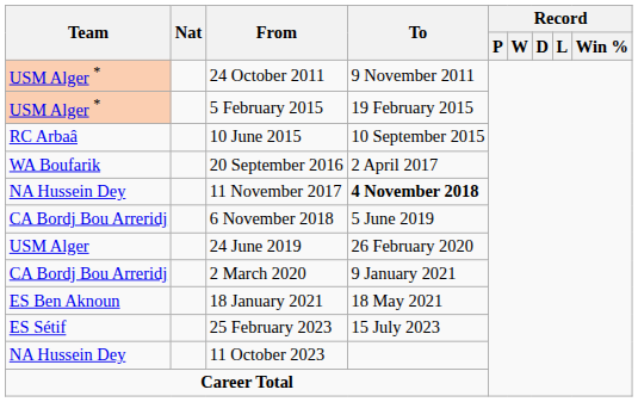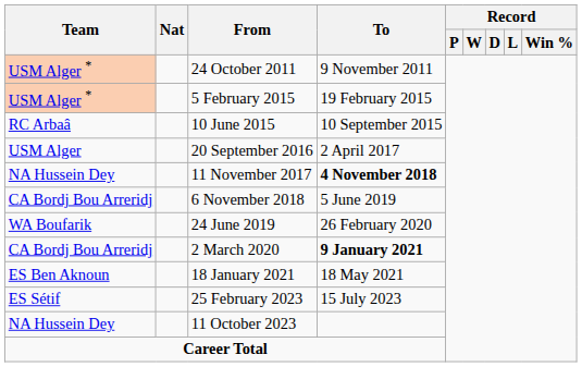 <table class="wikitable" style="text-align: center">
 <tr>
 <th rowspan="2">Team</th>
 <th rowspan="2">Nat</th>
 <th rowspan="2">From</th>
 <th rowspan="2">To</th>
 <th colspan="5">Record</th>
 </tr>
 <tr>
 <th>P</th>
 <th>W</th>
 <th>D</th>
 <th>L</th>
 <th>Win %</th>
 </tr>
 <tr>
 <td align="left" scope=row style=background:#FBCEB1><a href='#'>USM Alger</a> <sup>*</sup></td>
 <td></td>
 <td align=left>24 October 2011</td>
 <td align=left>9 November 2011<br></td>
 </tr>
 <tr>
 <td align="left" scope=row style=background:#FBCEB1><a href='#'>USM Alger</a> <sup>*</sup></td>
 <td></td>
 <td align=left>5 February 2015</td>
 <td align=left>19 February 2015<br></td>
 </tr>
 <tr>
 <td align="left"><a href='#'>RC Arbaâ</a></td>
 <td></td>
 <td align=left>10 June 2015</td>
 <td align=left>10 September 2015<br></td>
 </tr>
 <tr>
-<td align="left"><a href='#'>WA Boufarik</a></td>
+<td align="left"><a href='#'>USM Alger</a></td>
 <td></td>
 <td align=left>20 September 2016</td>
 <td align=left>2 April 2017<br></td>
 </tr>
 <tr>
 <td align="left"><a href='#'>NA Hussein Dey</a></td>
 <td></td>
 <td align=left>11 November 2017</td>
 <td align=left><strong>4 November 2018<br></strong></td>
 </tr>
 <tr>
 <td align="left"><a href='#'>CA Bordj Bou Arreridj</a></td>
 <td></td>
 <td align=left>6 November 2018</td>
 <td align=left>5 June 2019<br></td>
 </tr>
 <tr>
-<td align="left"><a href='#'>USM Alger</a></td>
+<td align="left"><a href='#'>WA Boufarik</a></td>
 <td></td>
 <td align=left>24 June 2019</td>
 <td align=left>26 February 2020<br></td>
 </tr>
 <tr>
 <td align="left"><a href='#'>CA Bordj Bou Arreridj</a></td>
 <td></td>
 <td align=left>2 March 2020</td>
-<td align=left>9 January 2021<br></td>
+<td align=left><strong>9 January 2021<br></strong></td>
 </tr>
 <tr>
 <td align="left"><a href='#'>ES Ben Aknoun</a></td>
 <td></td>
 <td align=left>18 January 2021</td>
 <td align=left>18 May 2021<br></td>
 </tr>
 <tr>
 <td align="left"><a href='#'>ES Sétif</a></td>
 <td></td>
 <td align=left>25 February 2023</td>
 <td align=left>15 July 2023<br></td>
 </tr>
 <tr>
 <td align="left"><a href='#'>NA Hussein Dey</a></td>
 <td></td>
 <td align=left>11 October 2023</td>
 <td align=left><br></td>
 </tr>
 <tr>
 <td colspan=4><strong>Career Total</strong><br></td>
 </tr>
 </table>
